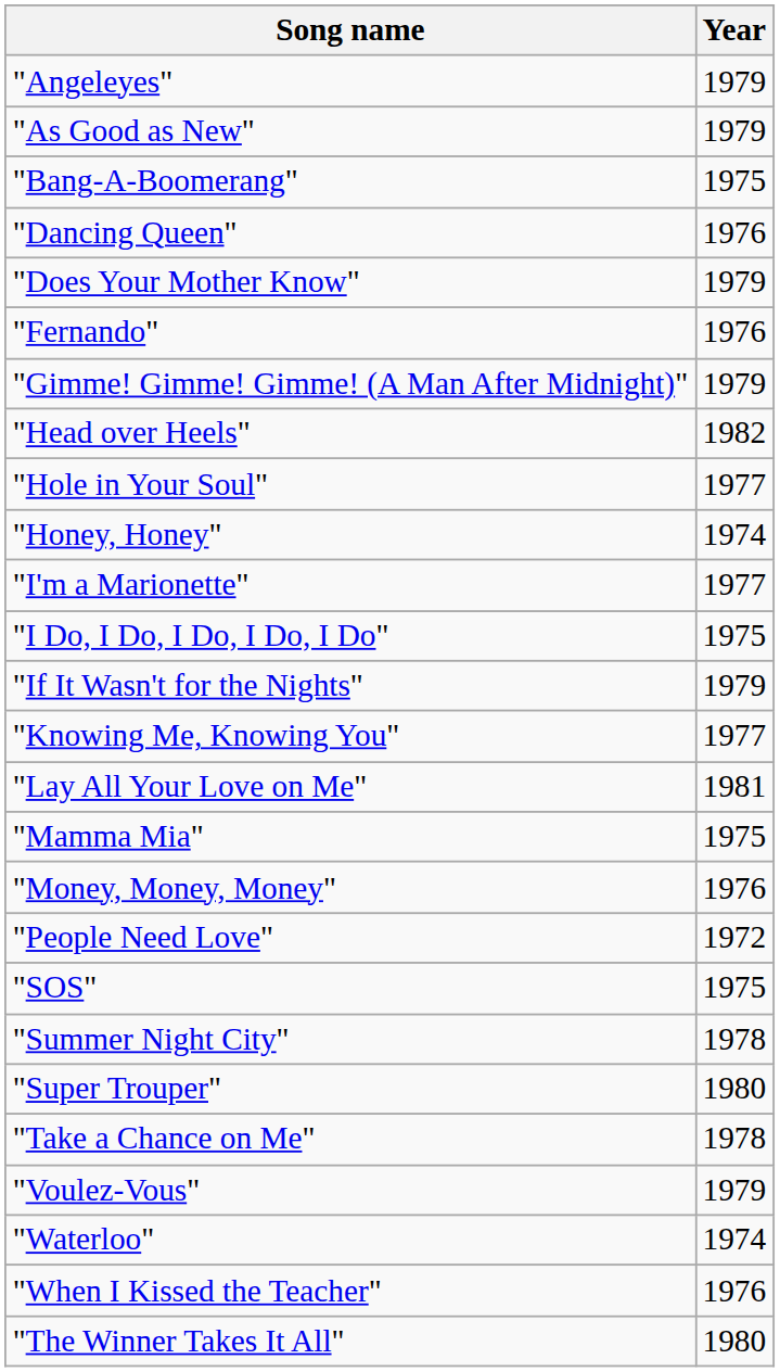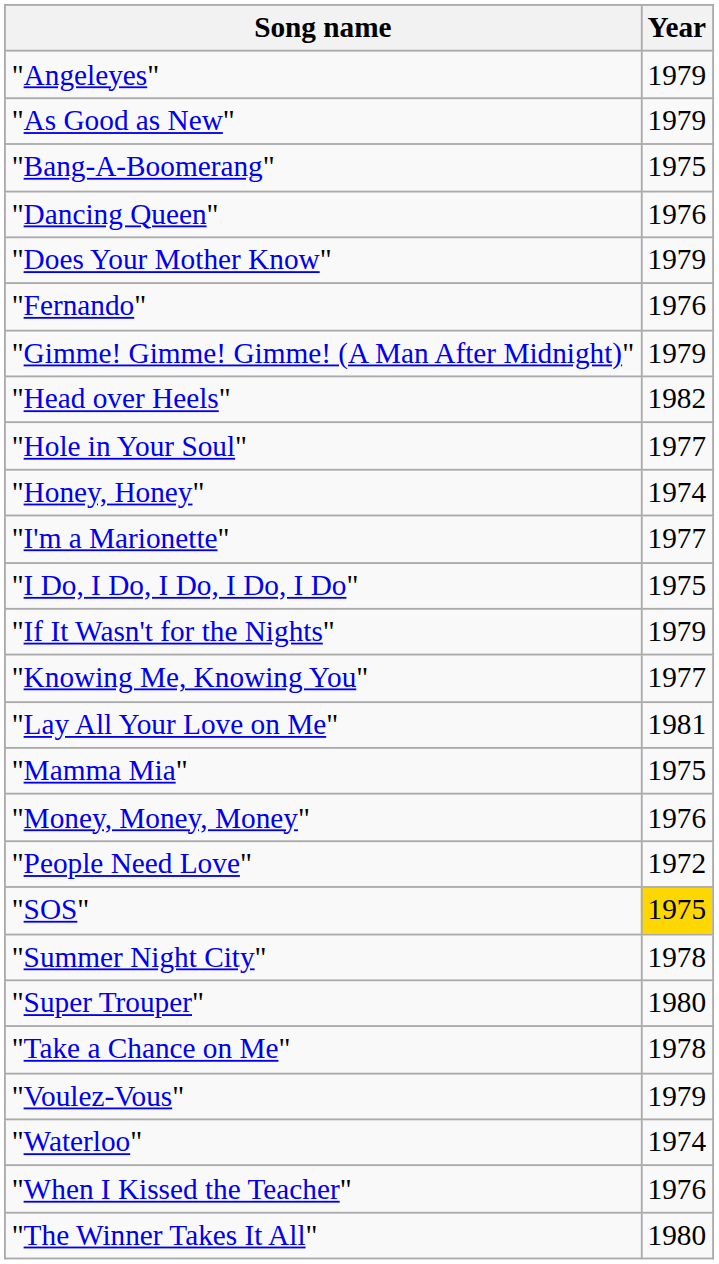 <table class="wikitable sortable collapsible collapsed">
 <tr>
 <th>Song name</th>
 <th>Year</th>
 </tr>
 <tr>
 <td>"<a href='#'>Angeleyes</a>"</td>
 <td>1979</td>
 </tr>
 <tr>
 <td>"<a href='#'>As Good as New</a>"</td>
 <td>1979</td>
 </tr>
 <tr>
 <td>"<a href='#'>Bang-A-Boomerang</a>"</td>
 <td>1975</td>
 </tr>
 <tr>
 <td>"<a href='#'>Dancing Queen</a>"</td>
 <td>1976</td>
 </tr>
 <tr>
 <td>"<a href='#'>Does Your Mother Know</a>"</td>
 <td>1979</td>
 </tr>
 <tr>
 <td>"<a href='#'>Fernando</a>"</td>
 <td>1976</td>
 </tr>
 <tr>
 <td>"<a href='#'>Gimme! Gimme! Gimme! (A Man After Midnight)</a>"</td>
 <td>1979</td>
 </tr>
 <tr>
 <td>"<a href='#'>Head over Heels</a>"</td>
 <td>1982</td>
 </tr>
 <tr>
 <td>"<a href='#'>Hole in Your Soul</a>"</td>
 <td>1977</td>
 </tr>
 <tr>
 <td>"<a href='#'>Honey, Honey</a>"</td>
 <td>1974</td>
 </tr>
 <tr>
 <td>"<a href='#'>I'm a Marionette</a>"</td>
 <td>1977</td>
 </tr>
 <tr>
 <td>"<a href='#'>I Do, I Do, I Do, I Do, I Do</a>"</td>
 <td>1975</td>
 </tr>
 <tr>
 <td>"<a href='#'>If It Wasn't for the Nights</a>"</td>
 <td>1979</td>
 </tr>
 <tr>
 <td>"<a href='#'>Knowing Me, Knowing You</a>"</td>
 <td>1977</td>
 </tr>
 <tr>
 <td>"<a href='#'>Lay All Your Love on Me</a>"</td>
 <td>1981</td>
 </tr>
 <tr>
 <td>"<a href='#'>Mamma Mia</a>"</td>
 <td>1975</td>
 </tr>
 <tr>
 <td>"<a href='#'>Money, Money, Money</a>"</td>
 <td>1976</td>
 </tr>
 <tr>
 <td>"<a href='#'>People Need Love</a>"</td>
 <td>1972</td>
 </tr>
 <tr>
 <td>"<a href='#'>SOS</a>"</td>
-<td>1975</td>
+<td style="background: gold;">1975</td>
 </tr>
 <tr>
 <td>"<a href='#'>Summer Night City</a>"</td>
 <td>1978</td>
 </tr>
 <tr>
 <td>"<a href='#'>Super Trouper</a>"</td>
 <td>1980</td>
 </tr>
 <tr>
 <td>"<a href='#'>Take a Chance on Me</a>"</td>
 <td>1978</td>
 </tr>
 <tr>
 <td>"<a href='#'>Voulez-Vous</a>"</td>
 <td>1979</td>
 </tr>
 <tr>
 <td>"<a href='#'>Waterloo</a>"</td>
 <td>1974</td>
 </tr>
 <tr>
 <td>"<a href='#'>When I Kissed the Teacher</a>"</td>
 <td>1976</td>
 </tr>
 <tr>
 <td>"<a href='#'>The Winner Takes It All</a>"</td>
 <td>1980</td>
 </tr>
 </table>
